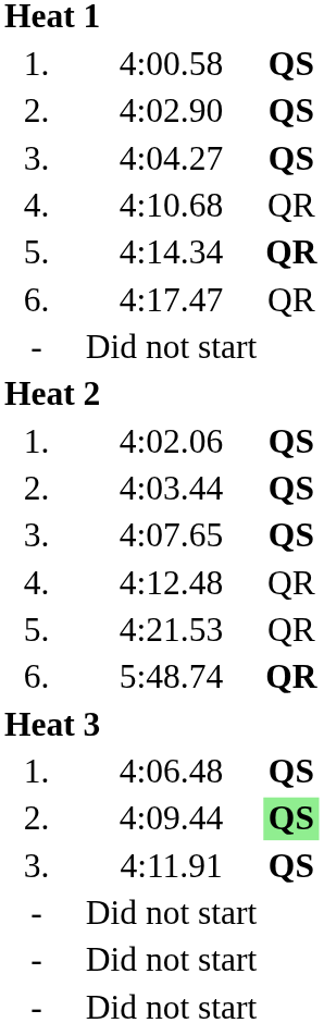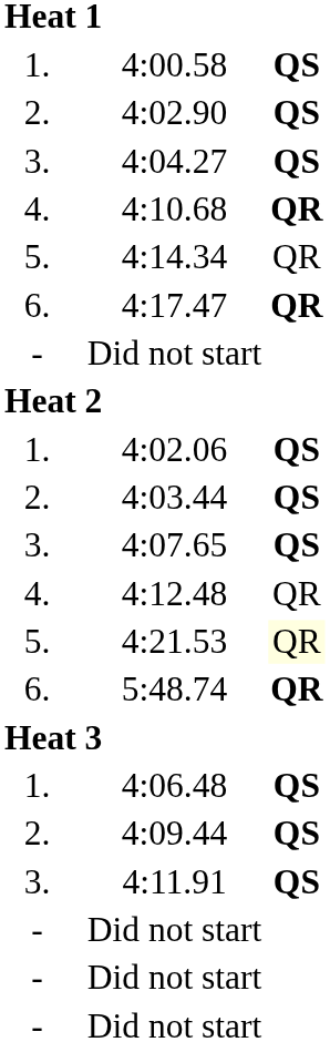 <table style="text-align:center">
 <tr>
 <td colspan=4 align=left><strong>Heat 1</strong></td>
 </tr>
 <tr>
 <td width=30>1.</td>
 <td align=left></td>
 <td width=80>4:00.58</td>
 <td><strong>QS</strong></td>
 </tr>
 <tr>
 <td>2.</td>
 <td align=left></td>
 <td>4:02.90</td>
 <td><strong>QS</strong></td>
 </tr>
 <tr>
 <td>3.</td>
 <td align=left></td>
 <td>4:04.27</td>
 <td><strong>QS</strong></td>
 </tr>
 <tr>
 <td>4.</td>
 <td align=left></td>
 <td>4:10.68</td>
-<td>QR</td>
+<td><strong>QR</strong></td>
 </tr>
 <tr>
 <td>5.</td>
 <td align=left></td>
 <td>4:14.34</td>
-<td><strong>QR</strong></td>
+<td>QR</td>
 </tr>
 <tr>
 <td>6.</td>
 <td align=left></td>
 <td>4:17.47</td>
-<td>QR</td>
+<td><strong>QR</strong></td>
 </tr>
 <tr>
 <td>-</td>
 <td align=left></td>
 <td>Did not start</td>
 <td></td>
 </tr>
 <tr>
 <td colspan=4 align=left><strong>Heat 2</strong></td>
 </tr>
 <tr>
 <td>1.</td>
 <td align=left></td>
 <td>4:02.06</td>
 <td><strong>QS</strong></td>
 </tr>
 <tr>
 <td>2.</td>
 <td align=left></td>
 <td>4:03.44</td>
 <td><strong>QS</strong></td>
 </tr>
 <tr>
 <td>3.</td>
 <td align=left></td>
 <td>4:07.65</td>
 <td><strong>QS</strong></td>
 </tr>
 <tr>
 <td>4.</td>
 <td align=left></td>
 <td>4:12.48</td>
 <td>QR</td>
 </tr>
 <tr>
 <td>5.</td>
 <td align=left></td>
 <td>4:21.53</td>
-<td>QR</td>
+<td style="background: lightyellow;">QR</td>
 </tr>
 <tr>
 <td>6.</td>
 <td align=left></td>
 <td>5:48.74</td>
 <td><strong>QR</strong></td>
 </tr>
 <tr>
 <td colspan=4 align=left><strong>Heat 3</strong></td>
 </tr>
 <tr>
 <td>1.</td>
 <td align=left></td>
 <td>4:06.48</td>
 <td><strong>QS</strong></td>
 </tr>
 <tr>
 <td>2.</td>
 <td align=left></td>
 <td>4:09.44</td>
-<td style="background: lightgreen;"><strong>QS</strong></td>
+<td><strong>QS</strong></td>
 </tr>
 <tr>
 <td>3.</td>
 <td align=left></td>
 <td>4:11.91</td>
 <td><strong>QS</strong></td>
 </tr>
 <tr>
 <td>-</td>
 <td align=left></td>
 <td>Did not start</td>
 <td></td>
 </tr>
 <tr>
 <td>-</td>
 <td align=left></td>
 <td>Did not start</td>
 <td></td>
 </tr>
 <tr>
 <td>-</td>
 <td align=left></td>
 <td>Did not start</td>
 <td></td>
 </tr>
 </table>
